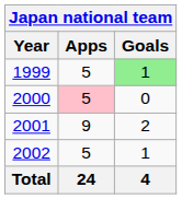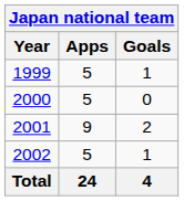 <table class="wikitable" style="text-align:center">
 <tr>
 <th colspan=3><a href='#'>Japan national team</a></th>
 </tr>
 <tr>
 <th>Year</th>
 <th>Apps</th>
 <th>Goals</th>
 </tr>
 <tr>
 <td><a href='#'>1999</a></td>
 <td>5</td>
-<td style="background: lightgreen;">1</td>
+<td>1</td>
 </tr>
 <tr>
 <td><a href='#'>2000</a></td>
-<td style="background: pink;">5</td>
+<td>5</td>
 <td>0</td>
 </tr>
 <tr>
 <td><a href='#'>2001</a></td>
 <td>9</td>
 <td>2</td>
 </tr>
 <tr>
 <td><a href='#'>2002</a></td>
 <td>5</td>
 <td>1</td>
 </tr>
 <tr>
 <th>Total</th>
 <th>24</th>
 <th>4</th>
 </tr>
 </table>
